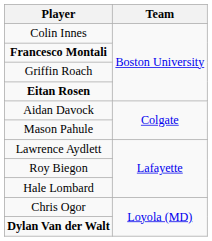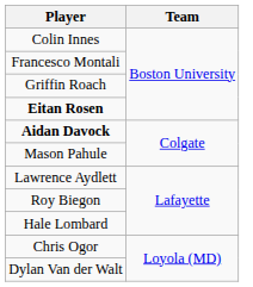 <table class="wikitable" style="text-align: center;">
 <tr>
 <th>Player</th>
 <th>Team</th>
 </tr>
 <tr>
 <td>Colin Innes</td>
 <td rowspan=4><a href='#'>Boston University</a></td>
 </tr>
 <tr>
-<td><strong>Francesco Montali</strong></td>
+<td>Francesco Montali</td>
 </tr>
 <tr>
 <td>Griffin Roach</td>
 </tr>
 <tr>
 <td><strong>Eitan Rosen</strong></td>
 </tr>
 <tr>
-<td>Aidan Davock</td>
+<td><strong>Aidan Davock</strong></td>
 <td rowspan=2><a href='#'>Colgate</a></td>
 </tr>
 <tr>
 <td>Mason Pahule</td>
 </tr>
 <tr>
 <td>Lawrence Aydlett</td>
 <td rowspan=3><a href='#'>Lafayette</a></td>
 </tr>
 <tr>
 <td>Roy Biegon</td>
 </tr>
 <tr>
 <td>Hale Lombard</td>
 </tr>
 <tr>
 <td>Chris Ogor</td>
 <td rowspan=2><a href='#'>Loyola (MD)</a></td>
 </tr>
 <tr>
-<td><strong>Dylan Van der Walt</strong></td>
+<td>Dylan Van der Walt</td>
 </tr>
 </table>
